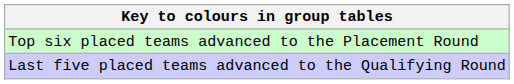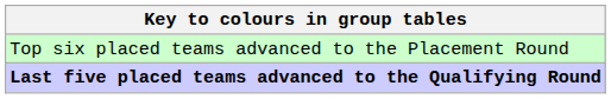 <table class="wikitable">
 <tr>
 <th>Key to colours in group tables</th>
 </tr>
 <tr bgcolor=#ccffcc>
 <td>Top six placed teams advanced to the Placement Round</td>
 </tr>
 <tr bgcolor=#ccccff>
-<td>Last five placed teams advanced to the Qualifying Round</td>
+<td><strong>Last five placed teams advanced to the Qualifying Round</strong></td>
 </tr>
 </table>
